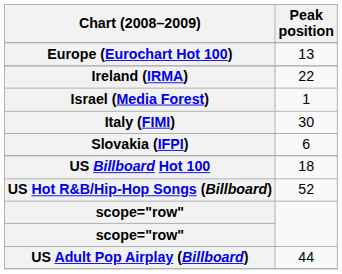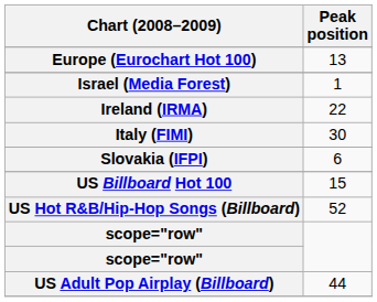 <table class="wikitable sortable plainrowheaders">
 <tr>
 <th scope="col">Chart (2008–2009)</th>
 <th scope="col">Peak<br>position</th>
 </tr>
 <tr>
 </tr>
 <tr>
 </tr>
 <tr>
 </tr>
 <tr>
 </tr>
 <tr>
 </tr>
 <tr>
 </tr>
 <tr>
 </tr>
 <tr>
 <th scope="row">Europe (<a href='#'>Eurochart Hot 100</a>)</th>
 <td style="text-align:center;">13</td>
 </tr>
 <tr>
 </tr>
 <tr>
 </tr>
 <tr>
 </tr>
 <tr>
+<th scope="row">Israel (<a href='#'>Media Forest</a>)</th>
+<td style="text-align:center;">1</td>
+</tr>
+<tr>
 <th scope="row">Ireland (<a href='#'>IRMA</a>)</th>
 <td style="text-align:center;">22</td>
-</tr>
-<tr>
-<th scope="row">Israel (<a href='#'>Media Forest</a>)</th>
-<td style="text-align:center;">1</td>
 </tr>
 <tr>
 <th scope="row">Italy (<a href='#'>FIMI</a>)</th>
 <td style="text-align:center;">30</td>
 </tr>
 <tr>
 </tr>
 <tr>
 </tr>
 <tr>
 </tr>
 <tr>
 </tr>
 <tr>
 <th scope="row">Slovakia (<a href='#'>IFPI</a>)</th>
 <td style="text-align:center;">6</td>
 </tr>
 <tr>
 </tr>
 <tr>
 </tr>
 <tr>
 </tr>
 <tr>
 </tr>
 <tr>
 <th scope="row">US <em><a href='#'>Billboard</a></em> <a href='#'>Hot 100</a></th>
-<td style="text-align:center;">18</td>
+<td style="text-align:center;">15</td>
 </tr>
 <tr>
 <th scope="row">US <a href='#'>Hot R&B/Hip-Hop Songs</a> (<em>Billboard</em>)</th>
 <td style="text-align:center;">52</td>
 </tr>
 <tr>
 <th>scope="row" </th>
 </tr>
 <tr>
 <th>scope="row" </th>
 </tr>
 <tr>
 <th scope="row">US <a href='#'>Adult Pop Airplay</a> (<em><a href='#'>Billboard</a></em>)</th>
 <td style="text-align:center;">44</td>
 </tr>
 <tr>
 </tr>
 </table>
